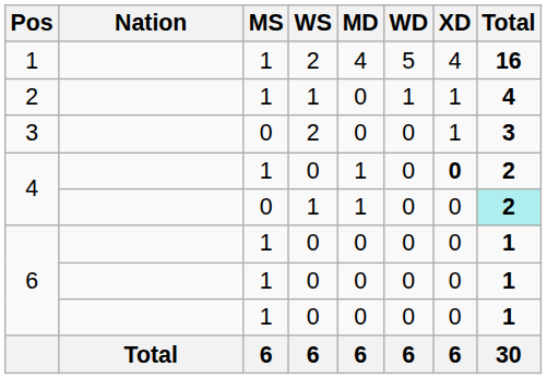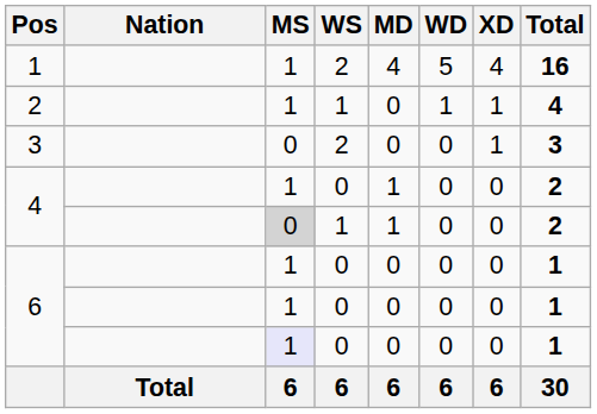 <table class="wikitable" style="text-align:center">
 <tr>
 <th width="20">Pos</th>
 <th width="120">Nation</th>
 <th width="20">MS</th>
 <th width="20">WS</th>
 <th width="20">MD</th>
 <th width="20">WD</th>
 <th width="20">XD</th>
 <th>Total</th>
 </tr>
 <tr>
 <td>1</td>
 <td align=left><strong></strong></td>
 <td>1</td>
 <td>2</td>
 <td>4</td>
 <td>5</td>
 <td>4</td>
 <td><strong>16</strong></td>
 </tr>
 <tr>
 <td>2</td>
 <td align=left></td>
 <td>1</td>
 <td>1</td>
 <td>0</td>
 <td>1</td>
 <td>1</td>
 <td><strong>4</strong></td>
 </tr>
 <tr>
 <td>3</td>
 <td align=left></td>
 <td>0</td>
 <td>2</td>
 <td>0</td>
 <td>0</td>
 <td>1</td>
 <td><strong>3</strong></td>
 </tr>
 <tr>
 <td rowspan="2">4</td>
 <td align=left></td>
 <td>1</td>
 <td>0</td>
 <td>1</td>
 <td>0</td>
-<td><strong>0</strong></td>
+<td>0</td>
 <td><strong>2</strong></td>
 </tr>
 <tr>
 <td align=left></td>
-<td>0</td>
+<td style="background: lightgrey;">0</td>
 <td>1</td>
 <td>1</td>
 <td>0</td>
 <td>0</td>
-<td style="background: paleturquoise;"><strong>2</strong></td>
+<td><strong>2</strong></td>
 </tr>
 <tr>
 <td rowspan="3">6</td>
 <td align=left></td>
 <td>1</td>
 <td>0</td>
 <td>0</td>
 <td>0</td>
 <td>0</td>
 <td><strong>1</strong></td>
 </tr>
 <tr>
 <td align=left></td>
 <td>1</td>
 <td>0</td>
 <td>0</td>
 <td>0</td>
 <td>0</td>
 <td><strong>1</strong></td>
 </tr>
 <tr>
 <td align=left></td>
-<td>1</td>
+<td style="background: lavender;">1</td>
 <td>0</td>
 <td>0</td>
 <td>0</td>
 <td>0</td>
 <td><strong>1</strong></td>
 </tr>
 <tr>
 <th></th>
 <th align=left><strong>Total</strong></th>
 <th>6</th>
 <th>6</th>
 <th>6</th>
 <th>6</th>
 <th>6</th>
 <th>30</th>
 </tr>
 </table>
